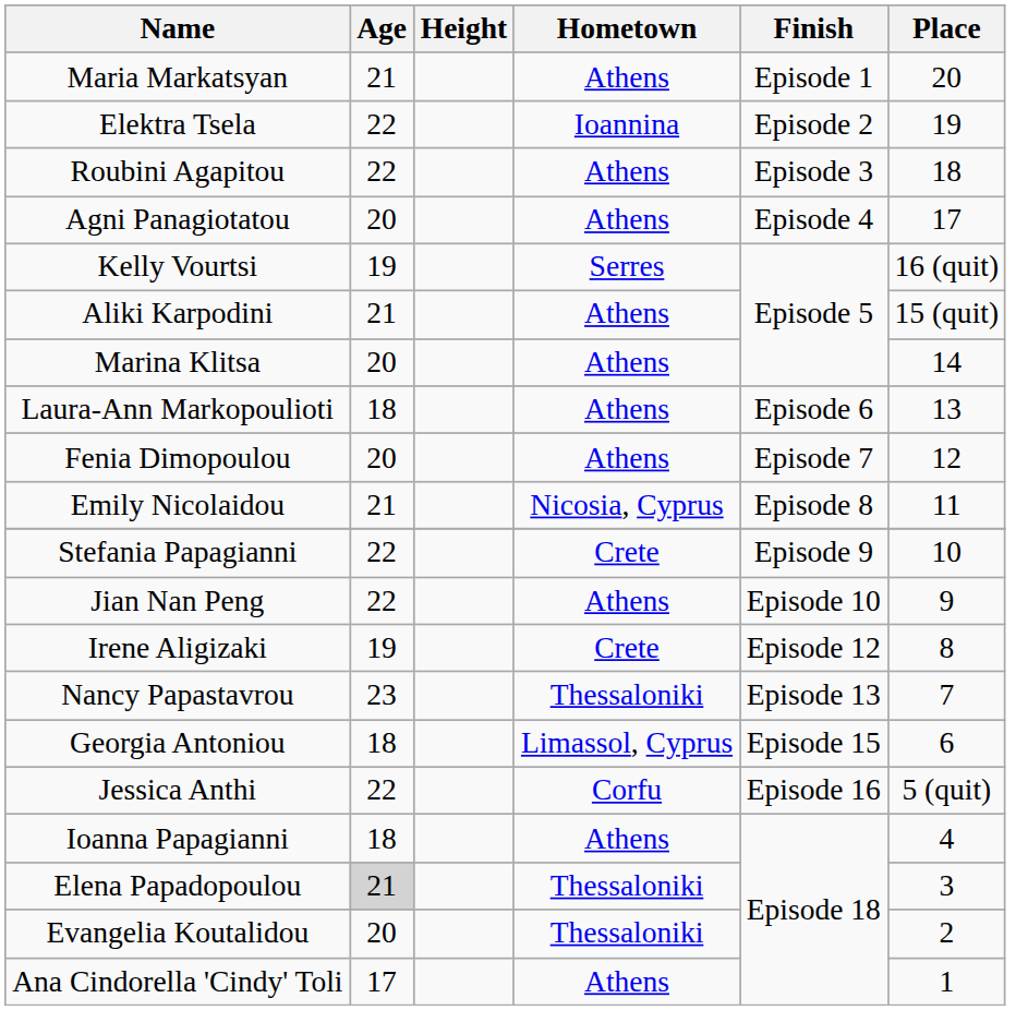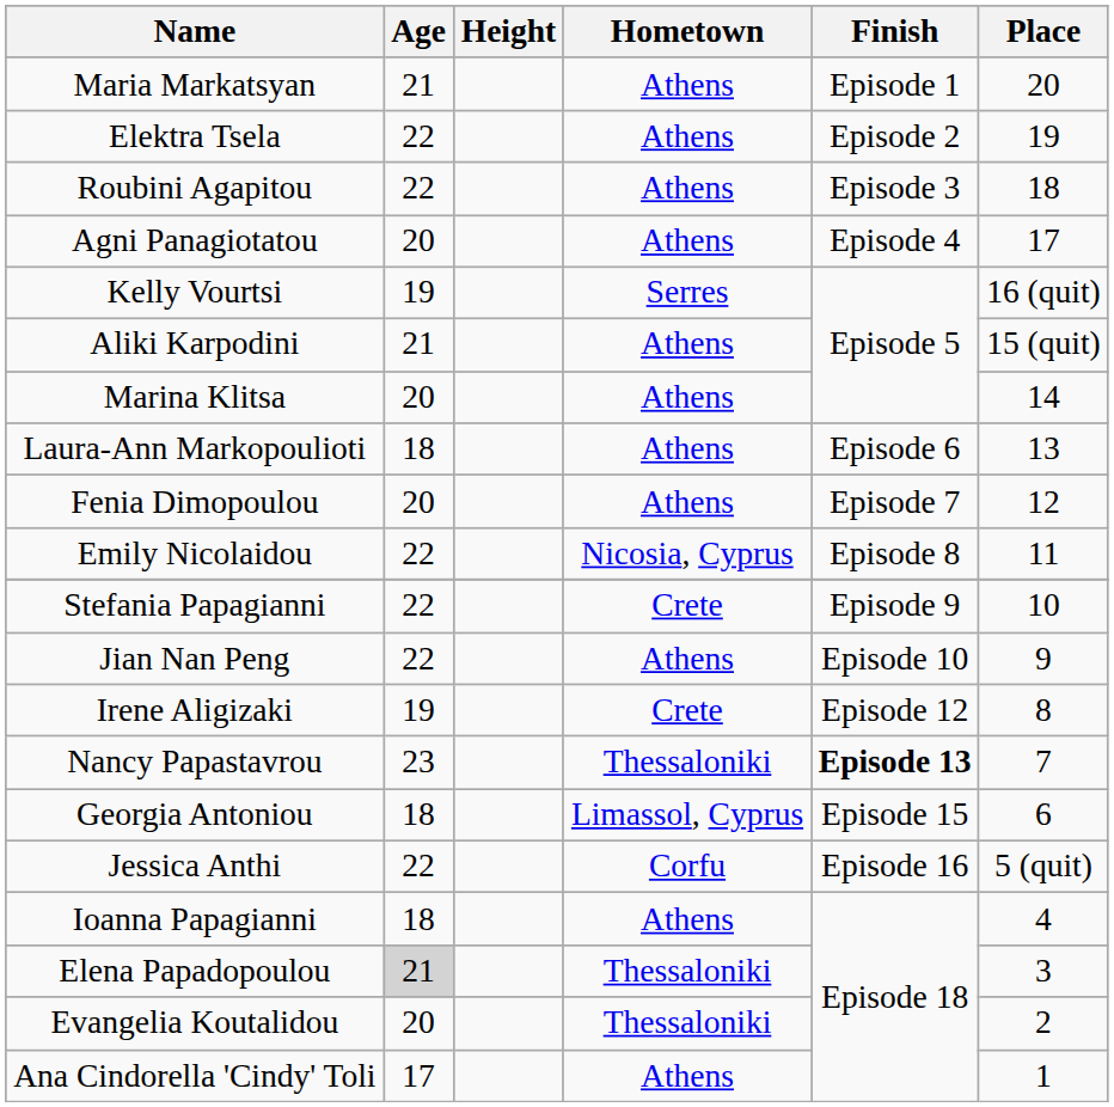 <table class="wikitable sortable" style="text-align:center;">
 <tr>
 <th>Name</th>
 <th>Age</th>
 <th>Height</th>
 <th>Hometown</th>
 <th>Finish</th>
 <th>Place</th>
 </tr>
 <tr>
 <td>Maria Markatsyan</td>
 <td>21</td>
 <td></td>
 <td><a href='#'>Athens</a></td>
 <td>Episode 1</td>
 <td>20</td>
 </tr>
 <tr>
 <td>Elektra Tsela</td>
 <td>22</td>
 <td></td>
-<td><a href='#'>Ioannina</a></td>
+<td><a href='#'>Athens</a></td>
 <td>Episode 2</td>
 <td>19</td>
 </tr>
 <tr>
 <td>Roubini Agapitou</td>
 <td>22</td>
 <td></td>
 <td><a href='#'>Athens</a></td>
 <td>Episode 3</td>
 <td>18</td>
 </tr>
 <tr>
 <td>Agni Panagiotatou</td>
 <td>20</td>
 <td></td>
 <td><a href='#'>Athens</a></td>
 <td>Episode 4</td>
 <td>17</td>
 </tr>
 <tr>
 <td>Kelly Vourtsi</td>
 <td>19</td>
 <td></td>
 <td><a href='#'>Serres</a></td>
 <td rowspan="3">Episode 5</td>
 <td>16 (quit)</td>
 </tr>
 <tr>
 <td>Aliki Karpodini</td>
 <td>21</td>
 <td></td>
 <td><a href='#'>Athens</a></td>
 <td>15 (quit)</td>
 </tr>
 <tr>
 <td>Marina Klitsa</td>
 <td>20</td>
 <td></td>
 <td><a href='#'>Athens</a></td>
 <td>14</td>
 </tr>
 <tr>
 <td>Laura-Ann Markopoulioti</td>
 <td>18</td>
 <td></td>
 <td><a href='#'>Athens</a></td>
 <td>Episode 6</td>
 <td>13</td>
 </tr>
 <tr>
 <td>Fenia Dimopoulou</td>
 <td>20</td>
 <td></td>
 <td><a href='#'>Athens</a></td>
 <td>Episode 7</td>
 <td>12</td>
 </tr>
 <tr>
 <td>Emily Nicolaidou</td>
-<td>21</td>
+<td>22</td>
 <td></td>
 <td><a href='#'>Nicosia</a>, <a href='#'>Cyprus</a></td>
 <td>Episode 8</td>
 <td>11</td>
 </tr>
 <tr>
 </tr>
 <tr>
 <td>Stefania Papagianni</td>
 <td>22</td>
 <td></td>
 <td><a href='#'>Crete</a></td>
 <td>Episode 9</td>
 <td>10</td>
 </tr>
 <tr>
 <td>Jian Nan Peng</td>
 <td>22</td>
 <td></td>
 <td><a href='#'>Athens</a></td>
 <td>Episode 10</td>
 <td>9</td>
 </tr>
 <tr>
 <td>Irene Aligizaki</td>
 <td>19</td>
 <td></td>
 <td><a href='#'>Crete</a></td>
 <td>Episode 12</td>
 <td>8</td>
 </tr>
 <tr>
 <td>Nancy Papastavrou</td>
 <td>23</td>
 <td></td>
 <td><a href='#'>Thessaloniki</a></td>
-<td>Episode 13</td>
+<td><strong>Episode 13</strong></td>
 <td>7</td>
 </tr>
 <tr>
 <td>Georgia Antoniou</td>
 <td>18</td>
 <td></td>
 <td><a href='#'>Limassol</a>, <a href='#'>Cyprus</a></td>
 <td>Episode 15</td>
 <td>6</td>
 </tr>
 <tr>
 <td>Jessica Anthi</td>
 <td>22</td>
 <td></td>
 <td><a href='#'>Corfu</a></td>
 <td>Episode 16</td>
 <td>5 (quit)</td>
 </tr>
 <tr>
 <td>Ioanna Papagianni</td>
 <td>18</td>
 <td></td>
 <td><a href='#'>Athens</a></td>
 <td rowspan="4">Episode 18</td>
 <td>4</td>
 </tr>
 <tr>
 <td>Elena Papadopoulou</td>
 <td style="background: lightgrey;">21</td>
 <td></td>
 <td><a href='#'>Thessaloniki</a></td>
 <td>3</td>
 </tr>
 <tr>
 <td>Evangelia Koutalidou</td>
 <td>20</td>
 <td></td>
 <td><a href='#'>Thessaloniki</a></td>
 <td>2</td>
 </tr>
 <tr>
 <td>Ana Cindorella 'Cindy' Toli</td>
 <td>17</td>
 <td></td>
 <td><a href='#'>Athens</a></td>
 <td>1</td>
 </tr>
 </table>
